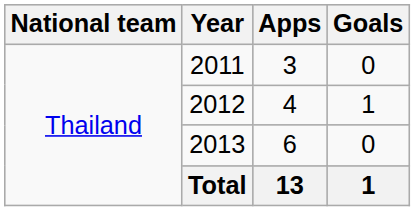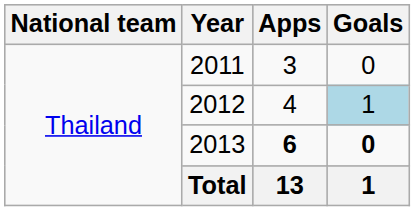 <table class="wikitable" style="text-align:center">
 <tr>
 <th>National team</th>
 <th>Year</th>
 <th>Apps</th>
 <th>Goals</th>
 </tr>
 <tr>
 <td rowspan="5" valign="center"><a href='#'>Thailand</a></td>
 <td>2011</td>
 <td>3</td>
 <td>0</td>
 </tr>
 <tr>
 <td>2012</td>
 <td>4</td>
-<td>1</td>
+<td style="background: lightblue;">1</td>
 </tr>
 <tr>
 <td>2013</td>
-<td>6</td>
-<td>0</td>
+<td><strong>6</strong></td>
+<td><strong>0</strong></td>
 </tr>
 <tr>
 <th>Total</th>
 <th>13</th>
 <th>1</th>
 </tr>
 </table>
